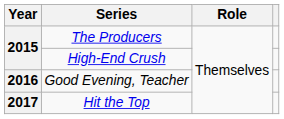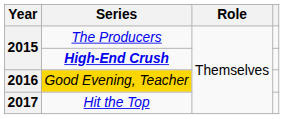 <table class="wikitable sortable plainrowheaders">
 <tr>
 <th scope="col">Year</th>
 <th scope="col">Series</th>
 <th scope="col">Role</th>
 <th scope="col" class="unsortable"></th>
 </tr>
 <tr>
 <th scope="row" rowspan="2">2015</th>
 <td align="center"><em><a href='#'>The Producers</a></em></td>
 <td rowspan="4" align="center">Themselves</td>
 <td align="center"></td>
 </tr>
 <tr>
-<td align="center"><em><a href='#'>High-End Crush</a></em></td>
+<td align="center"><strong><em><a href='#'>High-End Crush</a></em></strong></td>
 <td align="center"></td>
 </tr>
 <tr>
 <th scope="row">2016</th>
-<td align="center"><em>Good Evening, Teacher</em></td>
+<td align="center" style="background: gold;"><em>Good Evening, Teacher</em></td>
 <td align="center"></td>
 </tr>
 <tr>
 <th scope="row">2017</th>
 <td align="center"><em><a href='#'>Hit the Top</a></em></td>
 <td align="center"></td>
 </tr>
 </table>
